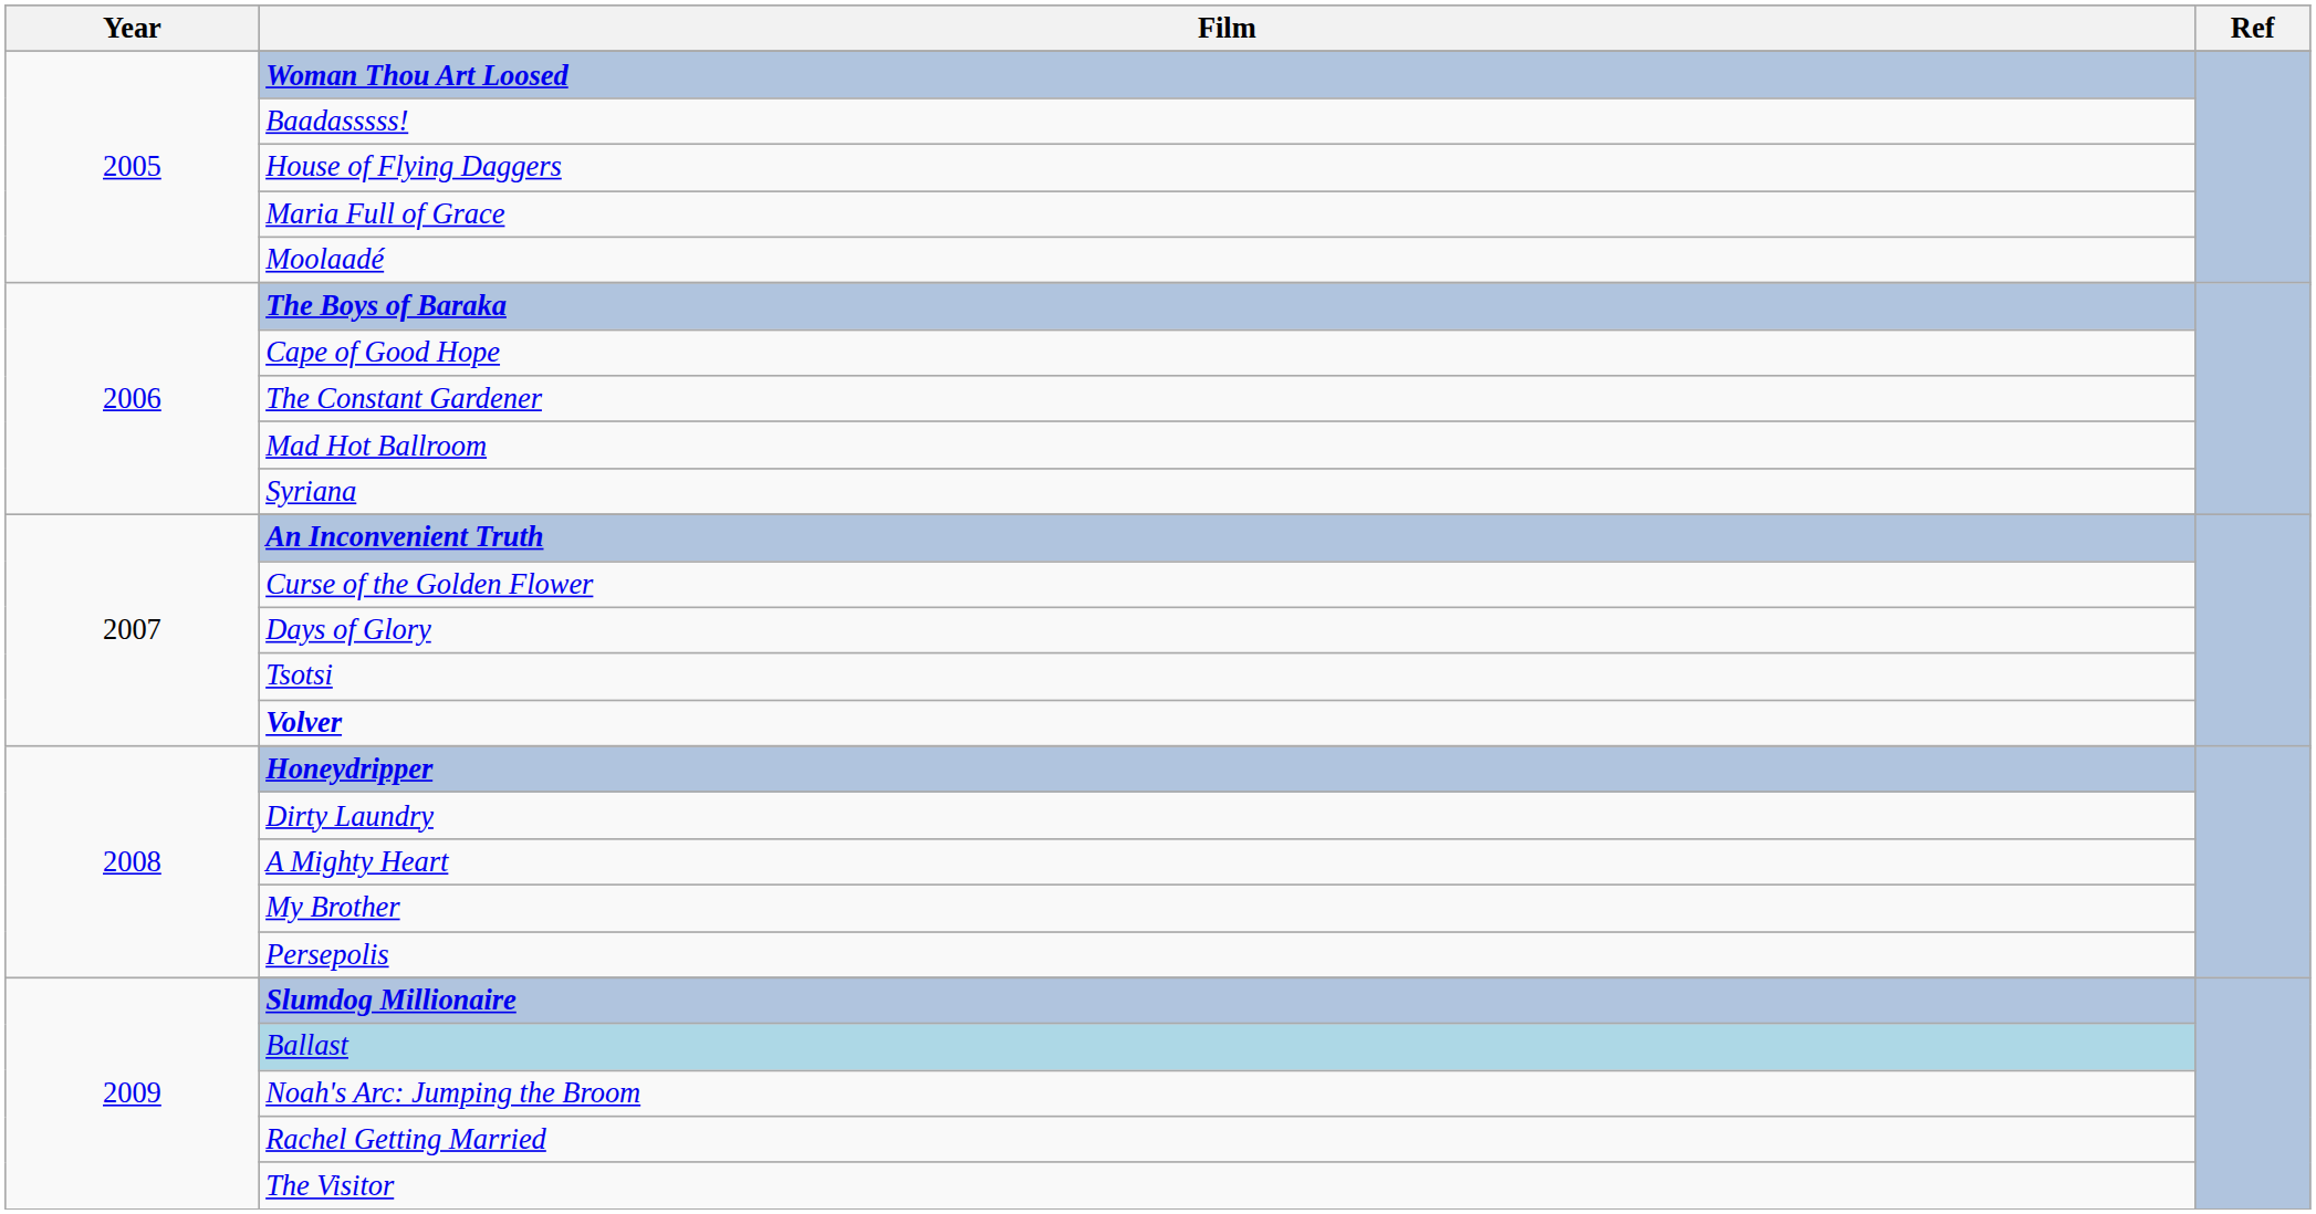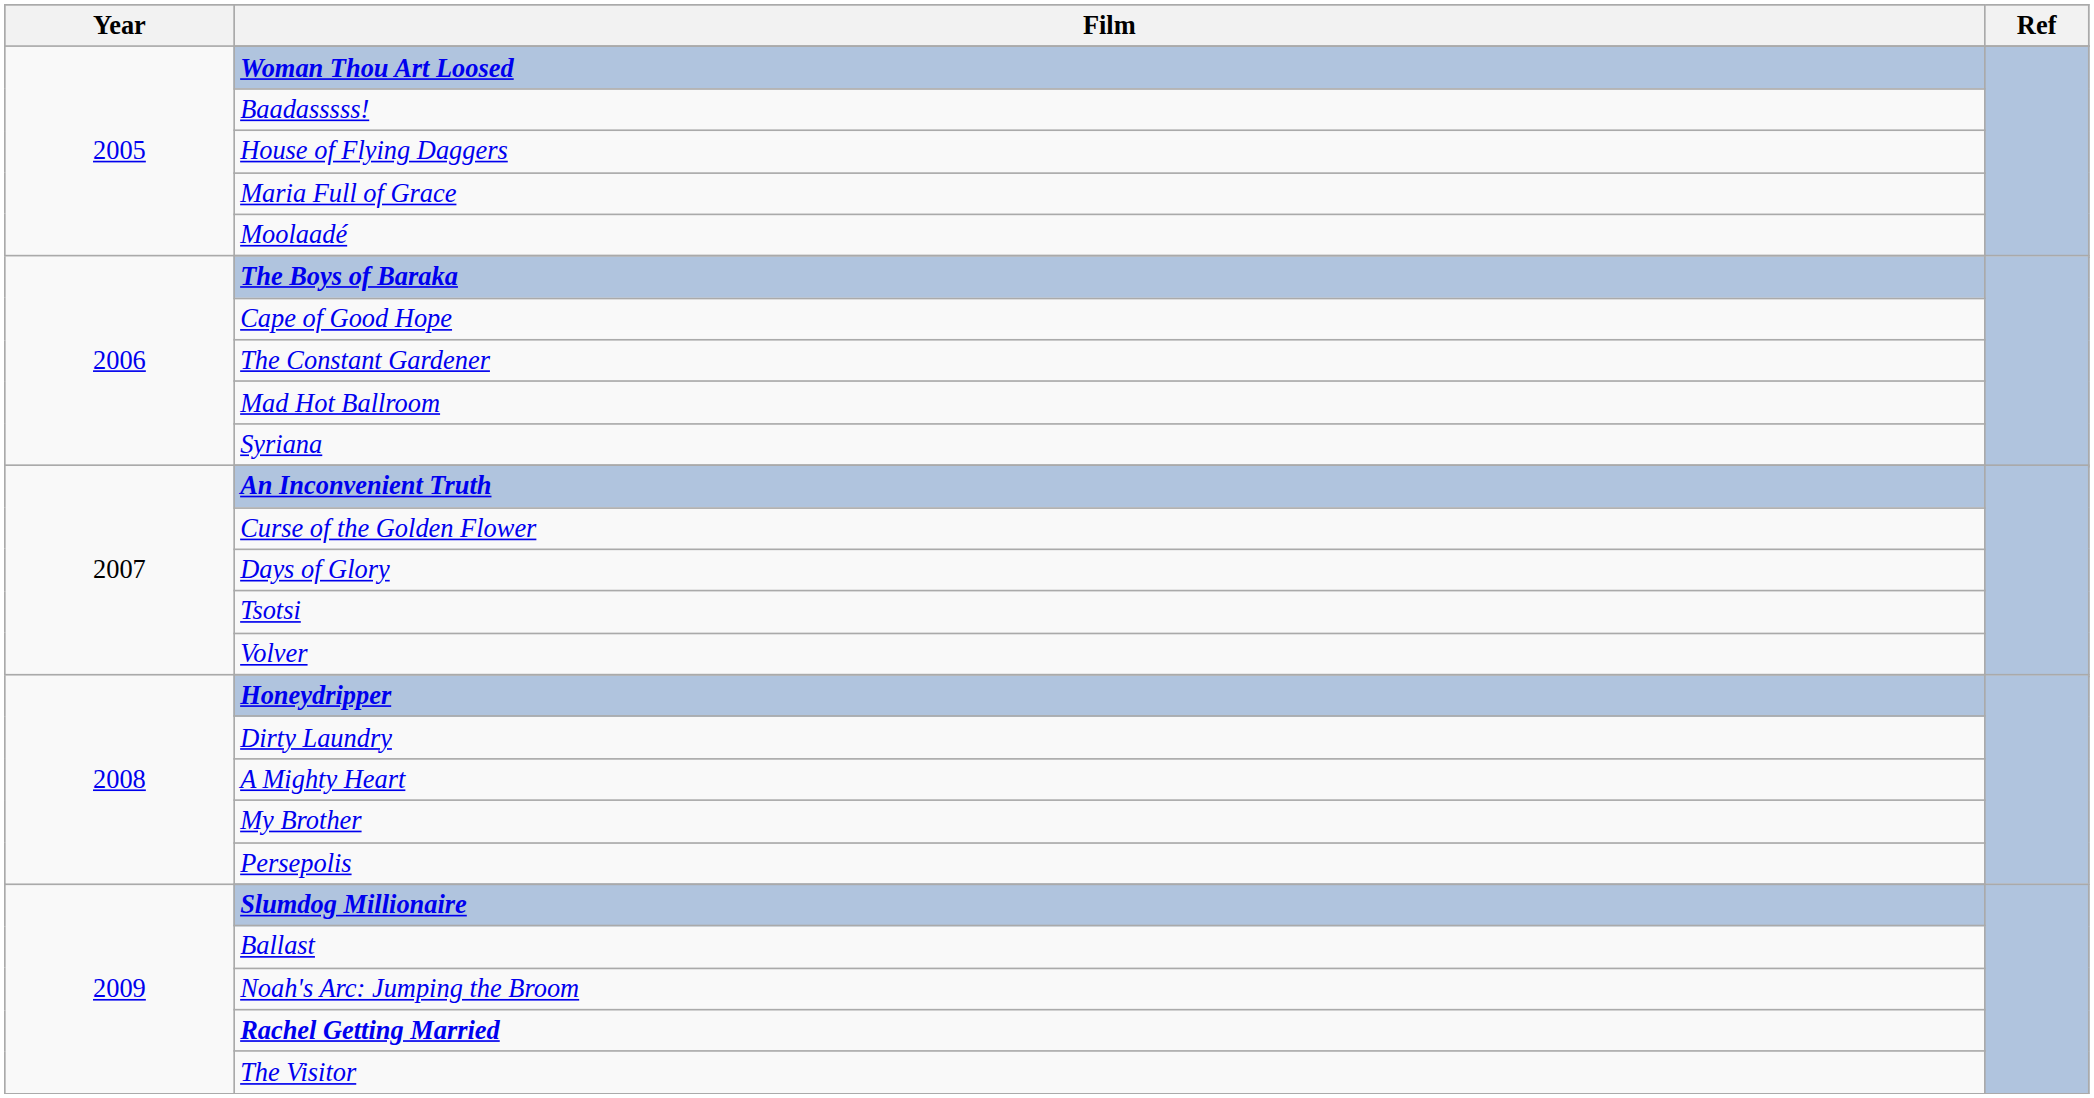 <table class="wikitable" style="width:100%;">
 <tr style="background:#bebebe;">
 <th style="width:11%;">Year</th>
 <th style="width:84%;">Film</th>
 <th style="width:5%;">Ref</th>
 </tr>
 <tr>
 <td rowspan="6" align="center"><a href='#'>2005</a></td>
 </tr>
 <tr style="background:#B0C4DE">
 <td><strong><em><a href='#'>Woman Thou Art Loosed</a></em></strong></td>
 <td rowspan="6" align="center"></td>
 </tr>
 <tr>
 <td><em><a href='#'>Baadasssss!</a></em></td>
 </tr>
 <tr>
 <td><em><a href='#'>House of Flying Daggers</a></em></td>
 </tr>
 <tr>
 <td><em><a href='#'>Maria Full of Grace</a></em></td>
 </tr>
 <tr>
 <td><em><a href='#'>Moolaadé</a></em></td>
 </tr>
 <tr>
 <td rowspan="6" align="center"><a href='#'>2006</a></td>
 </tr>
 <tr style="background:#B0C4DE">
 <td><strong><em><a href='#'>The Boys of Baraka</a></em></strong></td>
 <td rowspan="6" align="center"></td>
 </tr>
 <tr>
 <td><em><a href='#'>Cape of Good Hope</a></em></td>
 </tr>
 <tr>
 <td><em><a href='#'>The Constant Gardener</a></em></td>
 </tr>
 <tr>
 <td><em><a href='#'>Mad Hot Ballroom</a></em></td>
 </tr>
 <tr>
 <td><em><a href='#'>Syriana</a></em></td>
 </tr>
 <tr>
 <td rowspan="6" align="center">2007</td>
 </tr>
 <tr style="background:#B0C4DE">
 <td><strong><em><a href='#'>An Inconvenient Truth</a></em></strong></td>
 <td rowspan="6" align="center"></td>
 </tr>
 <tr>
 <td><em><a href='#'>Curse of the Golden Flower</a></em></td>
 </tr>
 <tr>
 <td><em><a href='#'>Days of Glory</a></em></td>
 </tr>
 <tr>
 <td><em><a href='#'>Tsotsi</a></em></td>
 </tr>
 <tr>
-<td><strong><em><a href='#'>Volver</a></em></strong></td>
+<td><em><a href='#'>Volver</a></em></td>
 </tr>
 <tr>
 <td rowspan="6" align="center"><a href='#'>2008</a></td>
 </tr>
 <tr style="background:#B0C4DE">
 <td><strong><em><a href='#'>Honeydripper</a></em></strong></td>
 <td rowspan="6" align="center"></td>
 </tr>
 <tr>
 <td><em><a href='#'>Dirty Laundry</a></em></td>
 </tr>
 <tr>
 <td><em><a href='#'>A Mighty Heart</a></em></td>
 </tr>
 <tr>
 <td><em><a href='#'>My Brother</a></em></td>
 </tr>
 <tr>
 <td><em><a href='#'>Persepolis</a></em></td>
 </tr>
 <tr>
 <td rowspan="6" align="center"><a href='#'>2009</a></td>
 </tr>
 <tr style="background:#B0C4DE">
 <td><strong><em><a href='#'>Slumdog Millionaire</a></em></strong></td>
 <td rowspan="6" align="center"></td>
 </tr>
 <tr>
-<td style="background: lightblue;"><em><a href='#'>Ballast</a></em></td>
+<td><em><a href='#'>Ballast</a></em></td>
 </tr>
 <tr>
 <td><em><a href='#'>Noah's Arc: Jumping the Broom</a></em></td>
 </tr>
 <tr>
-<td><em><a href='#'>Rachel Getting Married</a></em></td>
+<td><strong><em><a href='#'>Rachel Getting Married</a></em></strong></td>
 </tr>
 <tr>
 <td><em><a href='#'>The Visitor</a></em></td>
 </tr>
 </table>
